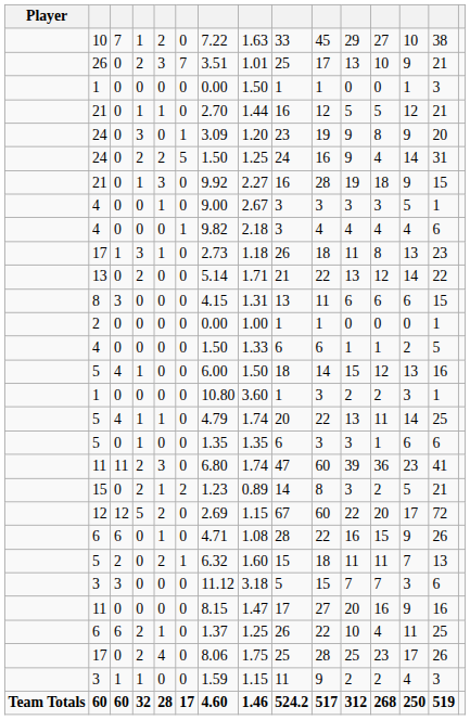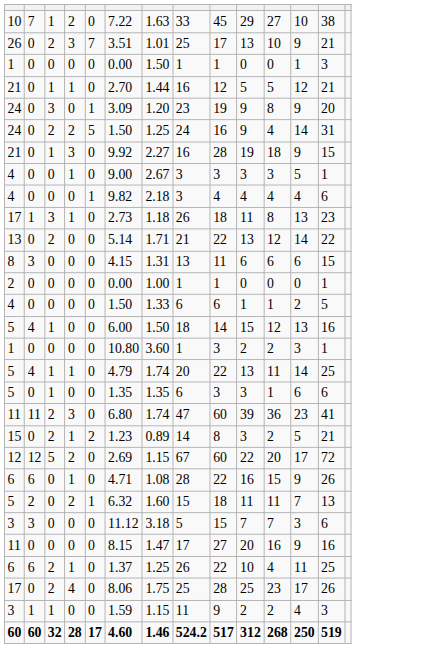 <table class="wikitable sortable">
 <tr>
-<th>Player</th>
 <th></th>
 <th></th>
 <th></th>
 <th></th>
 <th></th>
 <th></th>
 <th></th>
 <th></th>
 <th></th>
 <th></th>
 <th></th>
 <th></th>
 <th></th>
 <th></th>
 </tr>
 <tr align=left>
-<td></td>
 <td>10</td>
 <td>7</td>
 <td>1</td>
 <td>2</td>
 <td>0</td>
 <td>7.22</td>
 <td>1.63</td>
 <td>33</td>
 <td>45</td>
 <td>29</td>
 <td>27</td>
 <td>10</td>
 <td>38</td>
 <td></td>
 </tr>
 <tr align=left>
-<td></td>
 <td>26</td>
 <td>0</td>
 <td>2</td>
 <td>3</td>
 <td>7</td>
 <td>3.51</td>
 <td>1.01</td>
 <td>25</td>
 <td>17</td>
 <td>13</td>
 <td>10</td>
 <td>9</td>
 <td>21</td>
 <td></td>
 </tr>
 <tr align=left>
-<td></td>
 <td>1</td>
 <td>0</td>
 <td>0</td>
 <td>0</td>
 <td>0</td>
 <td>0.00</td>
 <td>1.50</td>
 <td>1</td>
 <td>1</td>
 <td>0</td>
 <td>0</td>
 <td>1</td>
 <td>3</td>
 <td></td>
 </tr>
 <tr align=left>
-<td></td>
 <td>21</td>
 <td>0</td>
 <td>1</td>
 <td>1</td>
 <td>0</td>
 <td>2.70</td>
 <td>1.44</td>
 <td>16</td>
 <td>12</td>
 <td>5</td>
 <td>5</td>
 <td>12</td>
 <td>21</td>
 <td></td>
 </tr>
 <tr align=left>
-<td></td>
 <td>24</td>
 <td>0</td>
 <td>3</td>
 <td>0</td>
 <td>1</td>
 <td>3.09</td>
 <td>1.20</td>
 <td>23</td>
 <td>19</td>
 <td>9</td>
 <td>8</td>
 <td>9</td>
 <td>20</td>
 <td></td>
 </tr>
 <tr align=left>
-<td></td>
 <td>24</td>
 <td>0</td>
 <td>2</td>
 <td>2</td>
 <td>5</td>
 <td>1.50</td>
 <td>1.25</td>
 <td>24</td>
 <td>16</td>
 <td>9</td>
 <td>4</td>
 <td>14</td>
 <td>31</td>
 <td></td>
 </tr>
 <tr align=left>
-<td></td>
 <td>21</td>
 <td>0</td>
 <td>1</td>
 <td>3</td>
 <td>0</td>
 <td>9.92</td>
 <td>2.27</td>
 <td>16</td>
 <td>28</td>
 <td>19</td>
 <td>18</td>
 <td>9</td>
 <td>15</td>
 <td></td>
 </tr>
 <tr align=left>
-<td></td>
 <td>4</td>
 <td>0</td>
 <td>0</td>
 <td>1</td>
 <td>0</td>
 <td>9.00</td>
 <td>2.67</td>
 <td>3</td>
 <td>3</td>
 <td>3</td>
 <td>3</td>
 <td>5</td>
 <td>1</td>
 <td></td>
 </tr>
 <tr align=left>
-<td></td>
 <td>4</td>
 <td>0</td>
 <td>0</td>
 <td>0</td>
 <td>1</td>
 <td>9.82</td>
 <td>2.18</td>
 <td>3</td>
 <td>4</td>
 <td>4</td>
 <td>4</td>
 <td>4</td>
 <td>6</td>
 <td></td>
 </tr>
 <tr align=left>
-<td></td>
 <td>17</td>
 <td>1</td>
 <td>3</td>
 <td>1</td>
 <td>0</td>
 <td>2.73</td>
 <td>1.18</td>
 <td>26</td>
 <td>18</td>
 <td>11</td>
 <td>8</td>
 <td>13</td>
 <td>23</td>
 <td></td>
 </tr>
 <tr align=left>
-<td></td>
 <td>13</td>
 <td>0</td>
 <td>2</td>
 <td>0</td>
 <td>0</td>
 <td>5.14</td>
 <td>1.71</td>
 <td>21</td>
 <td>22</td>
 <td>13</td>
 <td>12</td>
 <td>14</td>
 <td>22</td>
 <td></td>
 </tr>
 <tr align=left>
-<td></td>
 <td>8</td>
 <td>3</td>
 <td>0</td>
 <td>0</td>
 <td>0</td>
 <td>4.15</td>
 <td>1.31</td>
 <td>13</td>
 <td>11</td>
 <td>6</td>
 <td>6</td>
 <td>6</td>
 <td>15</td>
 <td></td>
 </tr>
 <tr align=left>
-<td></td>
 <td>2</td>
 <td>0</td>
 <td>0</td>
 <td>0</td>
 <td>0</td>
 <td>0.00</td>
 <td>1.00</td>
 <td>1</td>
 <td>1</td>
 <td>0</td>
 <td>0</td>
 <td>0</td>
 <td>1</td>
 <td></td>
 </tr>
 <tr align=left>
-<td></td>
 <td>4</td>
 <td>0</td>
 <td>0</td>
 <td>0</td>
 <td>0</td>
 <td>1.50</td>
 <td>1.33</td>
 <td>6</td>
 <td>6</td>
 <td>1</td>
 <td>1</td>
 <td>2</td>
 <td>5</td>
 <td></td>
 </tr>
 <tr align=left>
-<td></td>
 <td>5</td>
 <td>4</td>
 <td>1</td>
 <td>0</td>
 <td>0</td>
 <td>6.00</td>
 <td>1.50</td>
 <td>18</td>
 <td>14</td>
 <td>15</td>
 <td>12</td>
 <td>13</td>
 <td>16</td>
 <td></td>
 </tr>
 <tr align=left>
-<td></td>
 <td>1</td>
 <td>0</td>
 <td>0</td>
 <td>0</td>
 <td>0</td>
 <td>10.80</td>
 <td>3.60</td>
 <td>1</td>
 <td>3</td>
 <td>2</td>
 <td>2</td>
 <td>3</td>
 <td>1</td>
 <td></td>
 </tr>
 <tr align=left>
-<td></td>
 <td>5</td>
 <td>4</td>
 <td>1</td>
 <td>1</td>
 <td>0</td>
 <td>4.79</td>
 <td>1.74</td>
 <td>20</td>
 <td>22</td>
 <td>13</td>
 <td>11</td>
 <td>14</td>
 <td>25</td>
 <td></td>
 </tr>
 <tr align=left>
-<td></td>
 <td>5</td>
 <td>0</td>
 <td>1</td>
 <td>0</td>
 <td>0</td>
 <td>1.35</td>
 <td>1.35</td>
 <td>6</td>
 <td>3</td>
 <td>3</td>
 <td>1</td>
 <td>6</td>
 <td>6</td>
 <td></td>
 </tr>
 <tr align=left>
-<td></td>
 <td>11</td>
 <td>11</td>
 <td>2</td>
 <td>3</td>
 <td>0</td>
 <td>6.80</td>
 <td>1.74</td>
 <td>47</td>
 <td>60</td>
 <td>39</td>
 <td>36</td>
 <td>23</td>
 <td>41</td>
 <td></td>
 </tr>
 <tr align=left>
-<td></td>
 <td>15</td>
 <td>0</td>
 <td>2</td>
 <td>1</td>
 <td>2</td>
 <td>1.23</td>
 <td>0.89</td>
 <td>14</td>
 <td>8</td>
 <td>3</td>
 <td>2</td>
 <td>5</td>
 <td>21</td>
 <td></td>
 </tr>
 <tr align=left>
-<td></td>
 <td>12</td>
 <td>12</td>
 <td>5</td>
 <td>2</td>
 <td>0</td>
 <td>2.69</td>
 <td>1.15</td>
 <td>67</td>
 <td>60</td>
 <td>22</td>
 <td>20</td>
 <td>17</td>
 <td>72</td>
 <td></td>
 </tr>
 <tr align=left>
-<td></td>
 <td>6</td>
 <td>6</td>
 <td>0</td>
 <td>1</td>
 <td>0</td>
 <td>4.71</td>
 <td>1.08</td>
 <td>28</td>
 <td>22</td>
 <td>16</td>
 <td>15</td>
 <td>9</td>
 <td>26</td>
 <td></td>
 </tr>
 <tr align=left>
-<td></td>
 <td>5</td>
 <td>2</td>
 <td>0</td>
 <td>2</td>
 <td>1</td>
 <td>6.32</td>
 <td>1.60</td>
 <td>15</td>
 <td>18</td>
 <td>11</td>
 <td>11</td>
 <td>7</td>
 <td>13</td>
 <td></td>
 </tr>
 <tr align=left>
-<td></td>
 <td>3</td>
 <td>3</td>
 <td>0</td>
 <td>0</td>
 <td>0</td>
 <td>11.12</td>
 <td>3.18</td>
 <td>5</td>
 <td>15</td>
 <td>7</td>
 <td>7</td>
 <td>3</td>
 <td>6</td>
 <td></td>
 </tr>
 <tr align=left>
-<td></td>
 <td>11</td>
 <td>0</td>
 <td>0</td>
 <td>0</td>
 <td>0</td>
 <td>8.15</td>
 <td>1.47</td>
 <td>17</td>
 <td>27</td>
 <td>20</td>
 <td>16</td>
 <td>9</td>
 <td>16</td>
 <td></td>
 </tr>
 <tr align=left>
-<td></td>
 <td>6</td>
 <td>6</td>
 <td>2</td>
 <td>1</td>
 <td>0</td>
 <td>1.37</td>
 <td>1.25</td>
 <td>26</td>
 <td>22</td>
 <td>10</td>
 <td>4</td>
 <td>11</td>
 <td>25</td>
 <td></td>
 </tr>
 <tr align=left>
-<td></td>
 <td>17</td>
 <td>0</td>
 <td>2</td>
 <td>4</td>
 <td>0</td>
 <td>8.06</td>
 <td>1.75</td>
 <td>25</td>
 <td>28</td>
 <td>25</td>
 <td>23</td>
 <td>17</td>
 <td>26</td>
 <td></td>
 </tr>
 <tr align=left>
-<td></td>
 <td>3</td>
 <td>1</td>
 <td>1</td>
 <td>0</td>
 <td>0</td>
 <td>1.59</td>
 <td>1.15</td>
 <td>11</td>
 <td>9</td>
 <td>2</td>
 <td>2</td>
 <td>4</td>
 <td>3</td>
 <td></td>
 </tr>
 <tr align=left>
-<td><strong>Team Totals</strong></td>
 <td><strong>60</strong></td>
 <td><strong>60</strong></td>
 <td><strong>32</strong></td>
 <td><strong>28</strong></td>
 <td><strong>17</strong></td>
 <td><strong>4.60</strong></td>
 <td><strong>1.46</strong></td>
 <td><strong>524.2</strong></td>
 <td><strong>517</strong></td>
 <td><strong>312</strong></td>
 <td><strong>268</strong></td>
 <td><strong>250</strong></td>
 <td><strong>519</strong></td>
 <td></td>
 </tr>
 </table>
